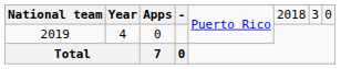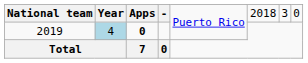 <table class="wikitable" style="text-align:center">
 <tr>
 <th>National team</th>
 <th>Year</th>
 <th>Apps</th>
 <th Goals Joshua signed for America de Cali, Colombia, South America. https://youtu.be/DKMHjbHGvxY>-</th>
 <td rowspan="2"><a href='#'>Puerto Rico</a></td>
 <td>2018</td>
 <td>3</td>
 <td>0</td>
 </tr>
 <tr>
 <td>2019</td>
-<td>4</td>
-<td>0</td>
+<td style="background: lightblue;">4</td>
+<td><strong>0</strong></td>
 </tr>
 <tr>
 <th colspan="2">Total</th>
 <th>7</th>
 <th>0</th>
 </tr>
 </table>
